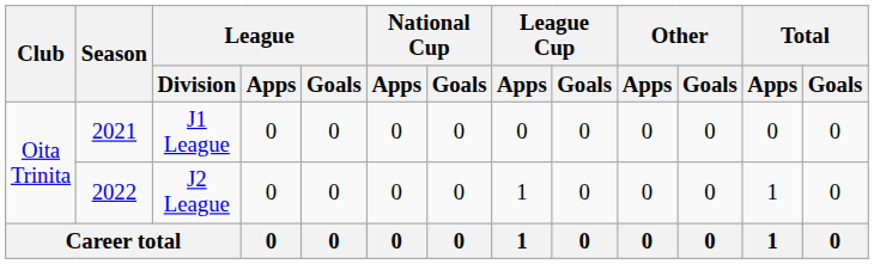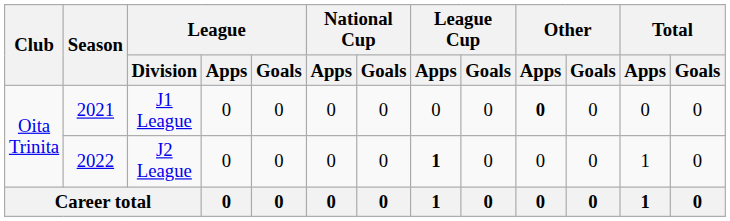 <table class="wikitable" style="text-align: center">
 <tr>
 <th rowspan="2">Club</th>
 <th rowspan="2">Season</th>
 <th colspan="3">League</th>
 <th colspan="2">National Cup</th>
 <th colspan="2">League Cup</th>
 <th colspan="2">Other</th>
 <th colspan="2">Total</th>
 </tr>
 <tr>
 <th>Division</th>
 <th>Apps</th>
 <th>Goals</th>
 <th>Apps</th>
 <th>Goals</th>
 <th>Apps</th>
 <th>Goals</th>
 <th>Apps</th>
 <th>Goals</th>
 <th>Apps</th>
 <th>Goals</th>
 </tr>
 <tr>
 <td rowspan="2"><a href='#'>Oita Trinita</a></td>
 <td><a href='#'>2021</a></td>
 <td><a href='#'>J1 League</a></td>
 <td>0</td>
 <td>0</td>
 <td>0</td>
 <td>0</td>
 <td>0</td>
 <td>0</td>
-<td>0</td>
+<td><strong>0</strong></td>
 <td>0</td>
 <td>0</td>
 <td>0</td>
 </tr>
 <tr>
 <td><a href='#'>2022</a></td>
 <td><a href='#'>J2 League</a></td>
 <td>0</td>
 <td>0</td>
 <td>0</td>
 <td>0</td>
-<td>1</td>
+<td><strong>1</strong></td>
 <td>0</td>
 <td>0</td>
 <td>0</td>
 <td>1</td>
 <td>0</td>
 </tr>
 <tr>
 <th colspan=3>Career total</th>
 <th>0</th>
 <th>0</th>
 <th>0</th>
 <th>0</th>
 <th>1</th>
 <th>0</th>
 <th>0</th>
 <th>0</th>
 <th>1</th>
 <th>0</th>
 </tr>
 </table>
